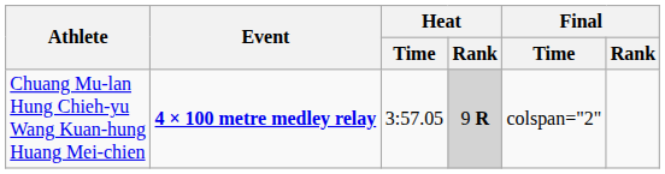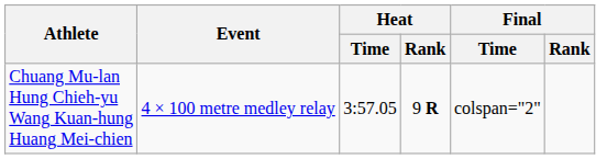 <table class="wikitable" style="font-size:90%; text-align:center">
 <tr>
 <th rowspan="2">Athlete</th>
 <th rowspan="2">Event</th>
 <th colspan="2">Heat</th>
 <th colspan="2">Final</th>
 </tr>
 <tr>
 <th>Time</th>
 <th>Rank</th>
 <th>Time</th>
 <th>Rank</th>
 </tr>
 <tr>
 <td align="left"><a href='#'>Chuang Mu-lan</a><br><a href='#'>Hung Chieh-yu</a><br><a href='#'>Wang Kuan-hung</a><br><a href='#'>Huang Mei-chien</a></td>
-<td align="left"><strong><a href='#'>4 × 100 metre medley relay</a></strong></td>
+<td align="left"><a href='#'>4 × 100 metre medley relay</a></td>
 <td>3:57.05</td>
-<td style="background: lightgrey;">9 <strong>R</strong></td>
+<td>9 <strong>R</strong></td>
 <td>colspan="2" </td>
 </tr>
 </table>
